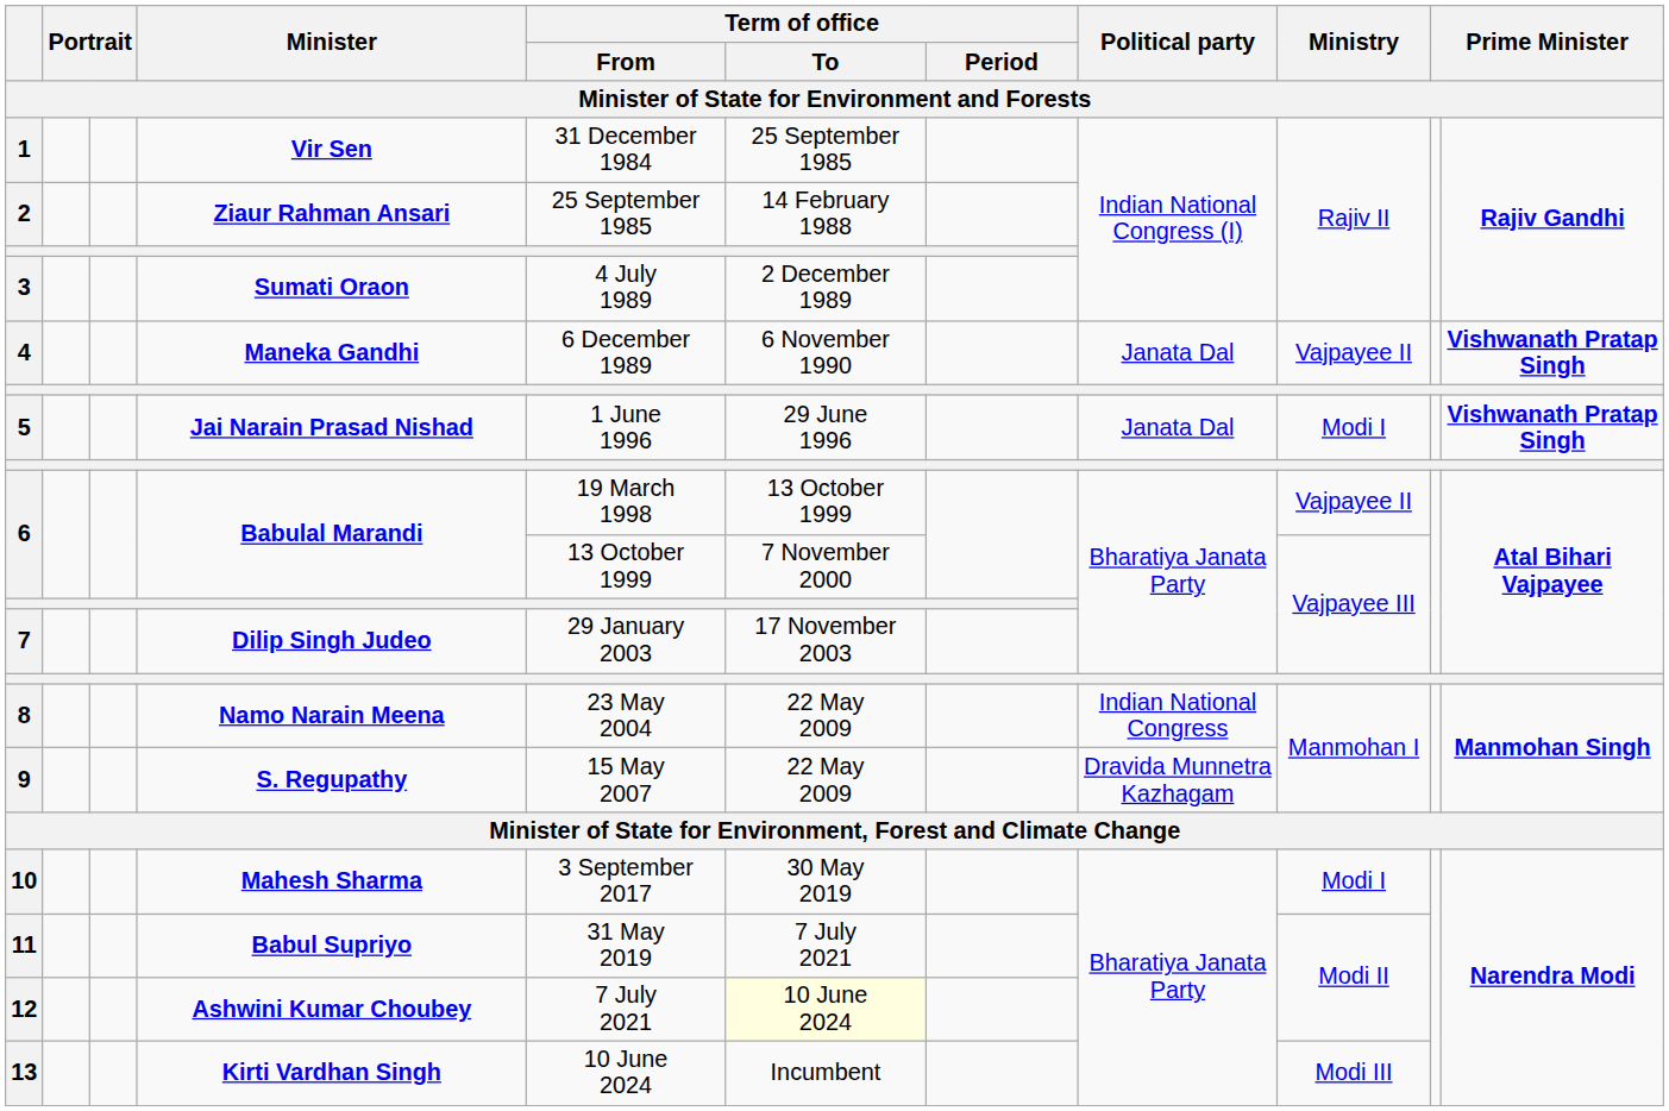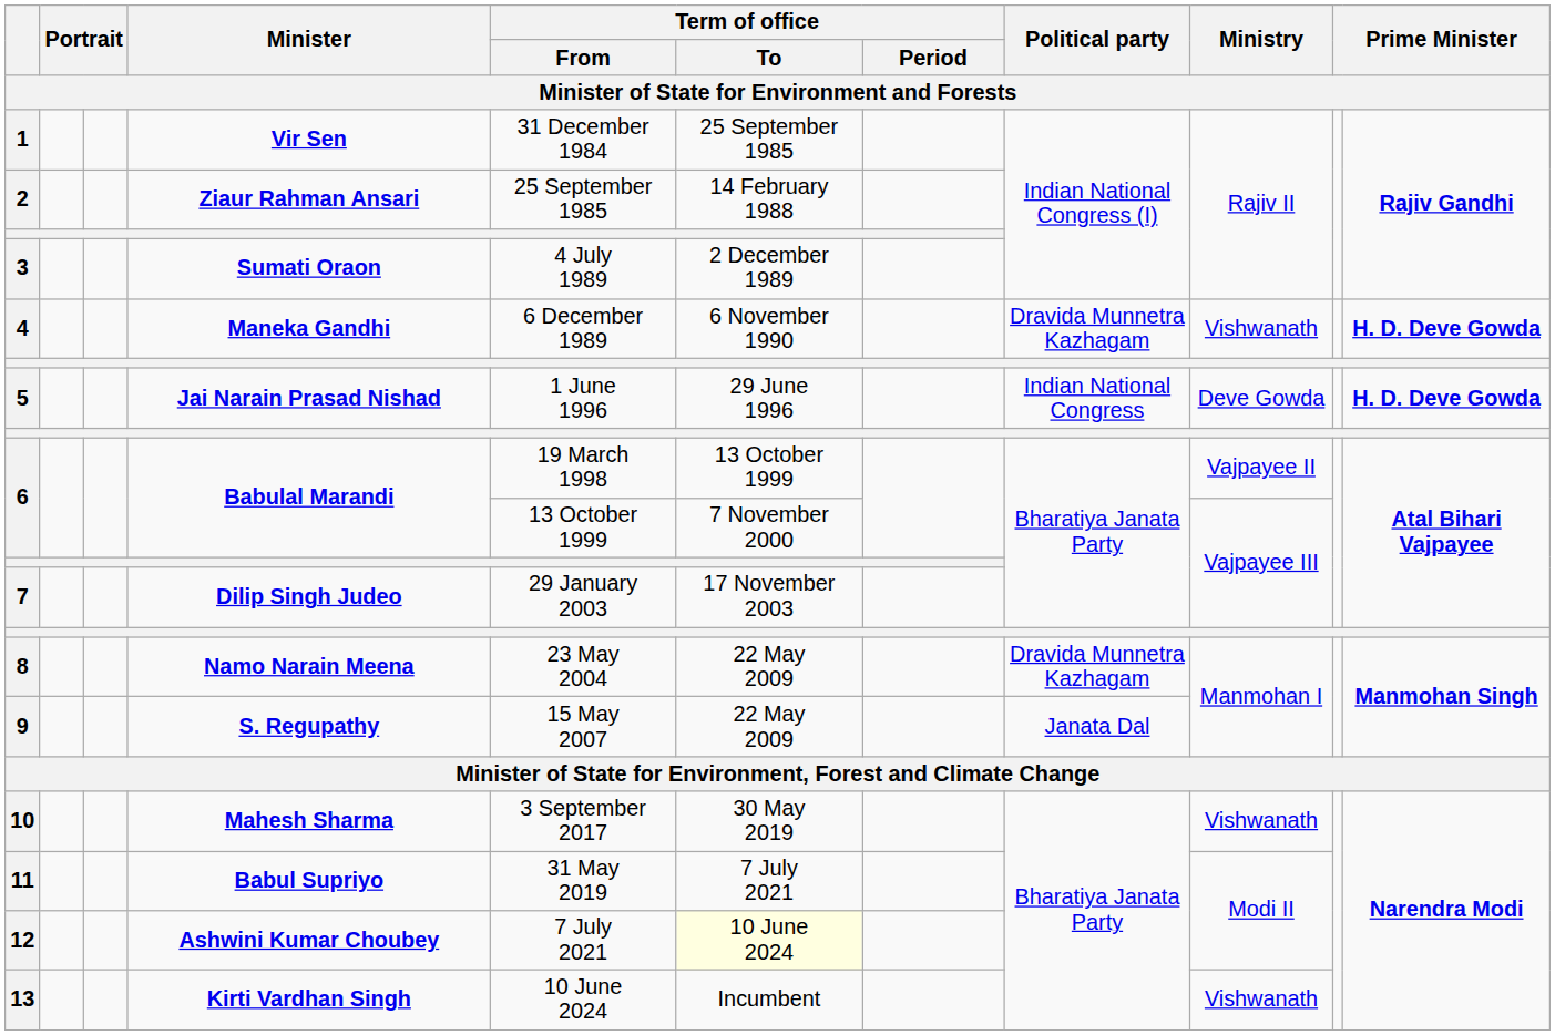 <table class="wikitable" style="text-align:center">
 <tr>
 <th rowspan="2"></th>
 <th rowspan="2" colspan="2">Portrait</th>
 <th rowspan="2" style="width:16em">Minister<br></th>
 <th colspan="3">Term of office</th>
 <th rowspan="2" style="width:8em">Political party</th>
 <th rowspan="2" style="width:6em">Ministry</th>
 <th rowspan="2" colspan="2">Prime Minister</th>
 </tr>
 <tr>
 <th style="width:8em">From</th>
 <th style="width:8em">To</th>
 <th style="width:6em">Period</th>
 </tr>
 <tr>
 <th colspan="11">Minister of State for Environment and Forests</th>
 </tr>
 <tr>
 <th>1</th>
 <td></td>
 <td></td>
 <td><strong><a href='#'>Vir Sen</a></strong><br></td>
 <td>31 December<br>1984</td>
 <td>25 September<br>1985</td>
 <td><strong></strong></td>
 <td rowspan="4"><a href='#'>Indian National Congress (I)</a></td>
 <td rowspan="4"><a href='#'>Rajiv II</a></td>
 <td rowspan="4"></td>
 <td rowspan="4" style="width:9em"><strong><a href='#'>Rajiv Gandhi</a></strong></td>
 </tr>
 <tr>
 <th>2</th>
 <td></td>
 <td></td>
 <td><strong><a href='#'>Ziaur Rahman Ansari</a></strong><br></td>
 <td>25 September<br>1985</td>
 <td>14 February<br>1988</td>
 <td><strong></strong></td>
 </tr>
 <tr>
 <th colspan="7"></th>
 </tr>
 <tr>
 <th>3</th>
 <td></td>
 <td></td>
 <td><strong><a href='#'>Sumati Oraon</a></strong><br></td>
 <td>4 July<br>1989</td>
 <td>2 December<br>1989</td>
 <td><strong></strong></td>
 </tr>
 <tr>
 <th>4</th>
 <td></td>
 <td></td>
 <td><strong><a href='#'>Maneka Gandhi</a></strong><br></td>
 <td>6 December<br>1989</td>
 <td>6 November<br>1990</td>
 <td><strong></strong></td>
-<td><a href='#'>Janata Dal</a></td>
-<td><a href='#'>Vajpayee II</a></td>
+<td><a href='#'>Dravida Munnetra Kazhagam</a></td>
+<td><a href='#'>Vishwanath</a></td>
 <td></td>
-<td><strong><a href='#'>Vishwanath Pratap Singh</a></strong></td>
+<td><strong><a href='#'>H. D. Deve Gowda</a></strong></td>
 </tr>
 <tr>
 <th colspan="11"></th>
 </tr>
 <tr>
 <th>5</th>
 <td></td>
 <td></td>
 <td><strong><a href='#'>Jai Narain Prasad Nishad</a></strong><br></td>
 <td>1 June<br>1996</td>
 <td>29 June<br>1996</td>
 <td><strong></strong></td>
-<td><a href='#'>Janata Dal</a></td>
-<td><a href='#'>Modi I</a></td>
+<td><a href='#'>Indian National Congress</a></td>
+<td><a href='#'>Deve Gowda</a></td>
 <td></td>
-<td><strong><a href='#'>Vishwanath Pratap Singh</a></strong></td>
+<td><strong><a href='#'>H. D. Deve Gowda</a></strong></td>
 </tr>
 <tr>
 <th colspan="11"></th>
 </tr>
 <tr>
 <th rowspan="2">6</th>
 <td rowspan="2"></td>
 <td rowspan="2"></td>
 <td rowspan="2"><strong><a href='#'>Babulal Marandi</a></strong><br></td>
 <td>19 March<br>1998</td>
 <td>13 October<br>1999</td>
 <td rowspan="2"><strong></strong></td>
 <td rowspan="4"><a href='#'>Bharatiya Janata Party</a></td>
 <td><a href='#'>Vajpayee II</a></td>
 <td rowspan="4"></td>
 <td rowspan="4"><strong><a href='#'>Atal Bihari Vajpayee</a></strong></td>
 </tr>
 <tr>
 <td>13 October<br>1999</td>
 <td>7 November<br>2000</td>
 <td rowspan="3"><a href='#'>Vajpayee III</a></td>
 </tr>
 <tr>
 <th colspan="7"></th>
 </tr>
 <tr>
 <th>7</th>
 <td></td>
 <td></td>
 <td><strong><a href='#'>Dilip Singh Judeo</a></strong><br></td>
 <td>29 January<br>2003</td>
 <td>17 November<br>2003</td>
 <td><strong></strong></td>
 </tr>
 <tr>
 <th colspan="11"></th>
 </tr>
 <tr>
 <th>8</th>
 <td></td>
 <td></td>
 <td><strong><a href='#'>Namo Narain Meena</a></strong><br></td>
 <td>23 May<br>2004</td>
 <td>22 May<br>2009</td>
 <td><strong></strong></td>
-<td><a href='#'>Indian National Congress</a></td>
+<td><a href='#'>Dravida Munnetra Kazhagam</a></td>
 <td rowspan="2"><a href='#'>Manmohan I</a></td>
 <td rowspan="2"></td>
 <td rowspan="2"><strong><a href='#'>Manmohan Singh</a></strong></td>
 </tr>
 <tr>
 <th>9</th>
 <td></td>
 <td></td>
 <td><strong><a href='#'>S. Regupathy</a></strong><br></td>
 <td>15 May<br>2007</td>
 <td>22 May<br>2009</td>
 <td><strong></strong></td>
-<td><a href='#'>Dravida Munnetra Kazhagam</a></td>
+<td><a href='#'>Janata Dal</a></td>
 </tr>
 <tr>
 <th colspan="11">Minister of State for Environment, Forest and Climate Change</th>
 </tr>
 <tr>
 <th>10</th>
 <td></td>
 <td></td>
 <td><strong><a href='#'>Mahesh Sharma</a></strong><br></td>
 <td>3 September<br>2017</td>
 <td>30 May<br>2019</td>
 <td><strong></strong></td>
 <td rowspan="4"><a href='#'>Bharatiya Janata Party</a></td>
-<td><a href='#'>Modi I</a></td>
+<td><a href='#'>Vishwanath</a></td>
 <td rowspan="4"></td>
 <td rowspan="4"><strong><a href='#'>Narendra Modi</a></strong></td>
 </tr>
 <tr>
 <th>11</th>
 <td></td>
 <td></td>
 <td><strong><a href='#'>Babul Supriyo</a></strong><br></td>
 <td>31 May<br>2019</td>
 <td>7 July<br>2021</td>
 <td><strong></strong></td>
 <td rowspan="2"><a href='#'>Modi II</a></td>
 </tr>
 <tr>
 <th>12</th>
 <td></td>
 <td></td>
 <td><strong><a href='#'>Ashwini Kumar Choubey</a></strong><br></td>
 <td>7 July<br>2021</td>
 <td style="background: lightyellow;">10 June<br>2024</td>
 <td><strong></strong></td>
 </tr>
 <tr>
 <th>13</th>
 <td></td>
 <td></td>
 <td><strong><a href='#'>Kirti Vardhan Singh</a></strong><br></td>
 <td>10 June<br>2024</td>
 <td>Incumbent</td>
 <td><strong></strong></td>
-<td><a href='#'>Modi III</a></td>
+<td><a href='#'>Vishwanath</a></td>
 </tr>
 <tr>
 </tr>
 </table>
